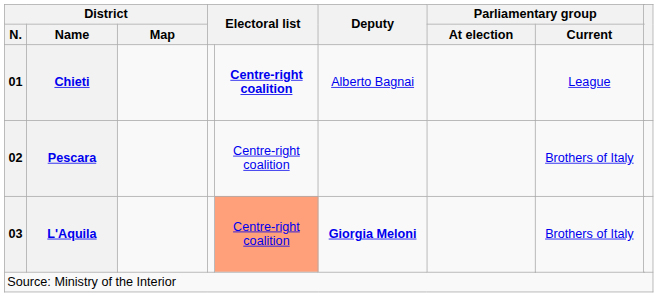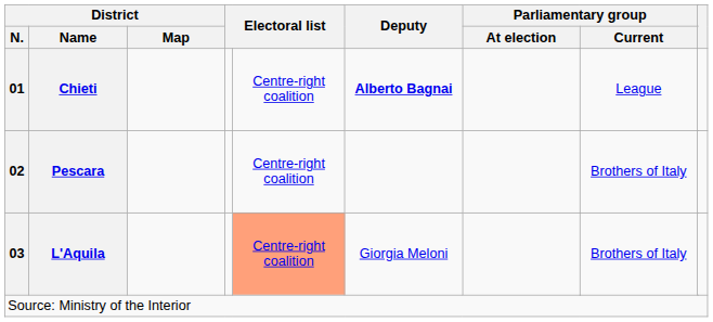 <table class="wikitable" style="text-align:center; style=" width="65%">
 <tr>
 <th colspan="3" width="20%">District</th>
 <th colspan="2" rowspan="2" width="12%">Electoral list</th>
 <th rowspan="2" width="12%">Deputy</th>
 <th colspan="4" width="24%">Parliamentary group</th>
 <th rowspan="2" width="1%"></th>
 </tr>
 <tr>
 <th width="1%">N.</th>
 <th width="10%">Name</th>
 <th width="10%">Map</th>
 <th colspan="2" width="12%">At election</th>
 <th colspan="2" width="12%">Current</th>
 </tr>
 <tr style="height:6em;">
 <th>01</th>
 <th><a href='#'>Chieti</a></th>
 <td></td>
 <td style="background:"></td>
-<td><strong><a href='#'>Centre-right coalition</a></strong></td>
-<td><a href='#'>Alberto Bagnai</a></td>
+<td><a href='#'>Centre-right coalition</a></td>
+<td><strong><a href='#'>Alberto Bagnai</a></strong></td>
 <td style="background:"></td>
 <td colspan="3"><a href='#'>League</a></td>
 <td></td>
 </tr>
 <tr style="height:6em;">
 <th>02</th>
 <th><a href='#'>Pescara</a></th>
 <td></td>
 <td style="background:"></td>
 <td><a href='#'>Centre-right coalition</a></td>
 <td></td>
 <td style="background:"></td>
 <td colspan="3"><a href='#'>Brothers of Italy</a></td>
 <td></td>
 </tr>
 <tr style="height:6em;">
 <th>03</th>
 <th><a href='#'>L'Aquila</a></th>
 <td></td>
 <td style="background:"></td>
 <td style="background: lightsalmon;"><a href='#'>Centre-right coalition</a></td>
-<td><strong><a href='#'>Giorgia Meloni</a></strong></td>
+<td><a href='#'>Giorgia Meloni</a></td>
 <td style="background:"></td>
 <td colspan="3"><a href='#'>Brothers of Italy</a></td>
 <td></td>
 </tr>
 <tr>
 <td colspan="11" style="text-align:left;">Source: Ministry of the Interior</td>
 </tr>
 </table>
